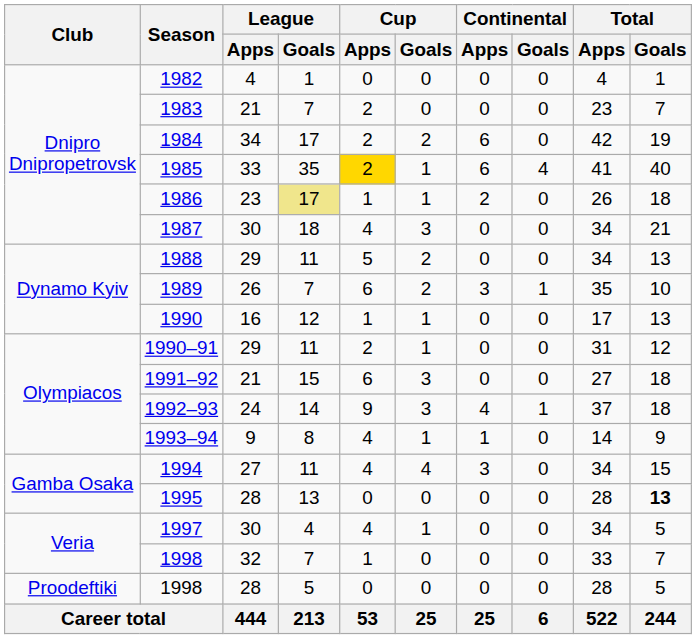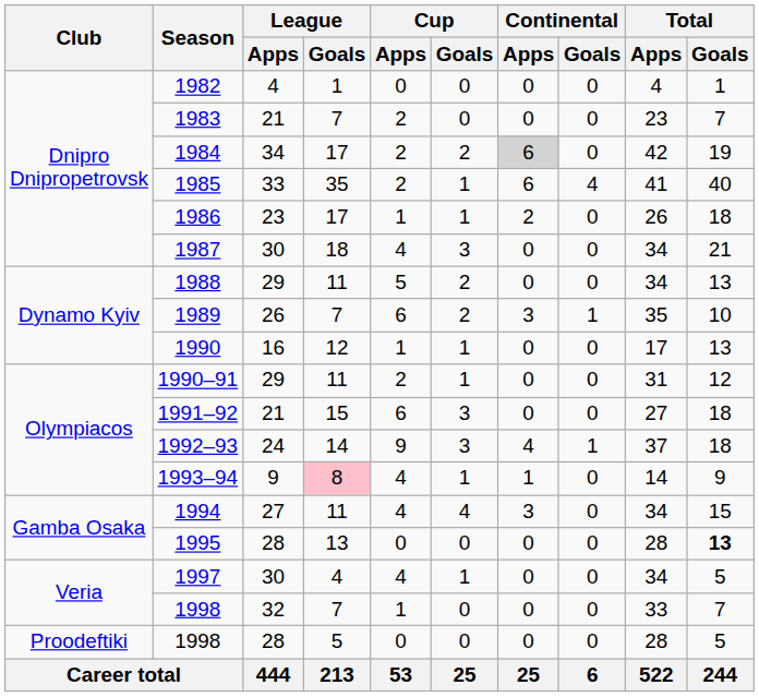 <table class="wikitable" style="text-align:center">
 <tr>
 <th rowspan="2" width="100">Club</th>
 <th rowspan="2">Season</th>
 <th colspan="2">League</th>
 <th colspan="2">Cup</th>
 <th colspan="2">Continental</th>
 <th colspan="2">Total</th>
 </tr>
 <tr>
 <th width="40">Apps</th>
 <th width="40">Goals</th>
 <th width="40">Apps</th>
 <th width="40">Goals</th>
 <th width="40">Apps</th>
 <th width="40">Goals</th>
 <th width="40">Apps</th>
 <th width="40">Goals</th>
 </tr>
 <tr>
 <td rowspan="6"><a href='#'>Dnipro Dnipropetrovsk</a></td>
 <td><a href='#'>1982</a></td>
 <td>4</td>
 <td>1</td>
 <td>0</td>
 <td>0</td>
 <td>0</td>
 <td>0</td>
 <td>4</td>
 <td>1</td>
 </tr>
 <tr>
 <td><a href='#'>1983</a></td>
 <td>21</td>
 <td>7</td>
 <td>2</td>
 <td>0</td>
 <td>0</td>
 <td>0</td>
 <td>23</td>
 <td>7</td>
 </tr>
 <tr>
 <td><a href='#'>1984</a></td>
 <td>34</td>
 <td>17</td>
 <td>2</td>
 <td>2</td>
-<td>6</td>
+<td style="background: lightgrey;">6</td>
 <td>0</td>
 <td>42</td>
 <td>19</td>
 </tr>
 <tr>
 <td><a href='#'>1985</a></td>
 <td>33</td>
 <td>35</td>
-<td style="background: gold;">2</td>
+<td>2</td>
 <td>1</td>
 <td>6</td>
 <td>4</td>
 <td>41</td>
 <td>40</td>
 </tr>
 <tr>
 <td><a href='#'>1986</a></td>
 <td>23</td>
-<td style="background: khaki;">17</td>
+<td>17</td>
 <td>1</td>
 <td>1</td>
 <td>2</td>
 <td>0</td>
 <td>26</td>
 <td>18</td>
 </tr>
 <tr>
 <td><a href='#'>1987</a></td>
 <td>30</td>
 <td>18</td>
 <td>4</td>
 <td>3</td>
 <td>0</td>
 <td>0</td>
 <td>34</td>
 <td>21</td>
 </tr>
 <tr>
 <td rowspan="3"><a href='#'>Dynamo Kyiv</a></td>
 <td><a href='#'>1988</a></td>
 <td>29</td>
 <td>11</td>
 <td>5</td>
 <td>2</td>
 <td>0</td>
 <td>0</td>
 <td>34</td>
 <td>13</td>
 </tr>
 <tr>
 <td><a href='#'>1989</a></td>
 <td>26</td>
 <td>7</td>
 <td>6</td>
 <td>2</td>
 <td>3</td>
 <td>1</td>
 <td>35</td>
 <td>10</td>
 </tr>
 <tr>
 <td><a href='#'>1990</a></td>
 <td>16</td>
 <td>12</td>
 <td>1</td>
 <td>1</td>
 <td>0</td>
 <td>0</td>
 <td>17</td>
 <td>13</td>
 </tr>
 <tr>
 <td rowspan="4"><a href='#'>Olympiacos</a></td>
 <td><a href='#'>1990–91</a></td>
 <td>29</td>
 <td>11</td>
 <td>2</td>
 <td>1</td>
 <td>0</td>
 <td>0</td>
 <td>31</td>
 <td>12</td>
 </tr>
 <tr>
 <td><a href='#'>1991–92</a></td>
 <td>21</td>
 <td>15</td>
 <td>6</td>
 <td>3</td>
 <td>0</td>
 <td>0</td>
 <td>27</td>
 <td>18</td>
 </tr>
 <tr>
 <td><a href='#'>1992–93</a></td>
 <td>24</td>
 <td>14</td>
 <td>9</td>
 <td>3</td>
 <td>4</td>
 <td>1</td>
 <td>37</td>
 <td>18</td>
 </tr>
 <tr>
 <td><a href='#'>1993–94</a></td>
 <td>9</td>
-<td>8</td>
+<td style="background: pink;">8</td>
 <td>4</td>
 <td>1</td>
 <td>1</td>
 <td>0</td>
 <td>14</td>
 <td>9</td>
 </tr>
 <tr>
 <td rowspan="2"><a href='#'>Gamba Osaka</a></td>
 <td><a href='#'>1994</a></td>
 <td>27</td>
 <td>11</td>
 <td>4</td>
 <td>4</td>
 <td>3</td>
 <td>0</td>
 <td>34</td>
 <td>15</td>
 </tr>
 <tr>
 <td><a href='#'>1995</a></td>
 <td>28</td>
 <td>13</td>
 <td>0</td>
 <td>0</td>
 <td>0</td>
 <td>0</td>
 <td>28</td>
 <td><strong>13</strong></td>
 </tr>
 <tr>
 <td rowspan="2"><a href='#'>Veria</a></td>
 <td><a href='#'>1997</a></td>
 <td>30</td>
 <td>4</td>
 <td>4</td>
 <td>1</td>
 <td>0</td>
 <td>0</td>
 <td>34</td>
 <td>5</td>
 </tr>
 <tr>
 <td><a href='#'>1998</a></td>
 <td>32</td>
 <td>7</td>
 <td>1</td>
 <td>0</td>
 <td>0</td>
 <td>0</td>
 <td>33</td>
 <td>7</td>
 </tr>
 <tr>
 <td><a href='#'>Proodeftiki</a></td>
 <td>1998</td>
 <td>28</td>
 <td>5</td>
 <td>0</td>
 <td>0</td>
 <td>0</td>
 <td>0</td>
 <td>28</td>
 <td>5</td>
 </tr>
 <tr>
 <th colspan="2">Career total</th>
 <th>444</th>
 <th>213</th>
 <th>53</th>
 <th>25</th>
 <th>25</th>
 <th>6</th>
 <th>522</th>
 <th>244</th>
 </tr>
 </table>
